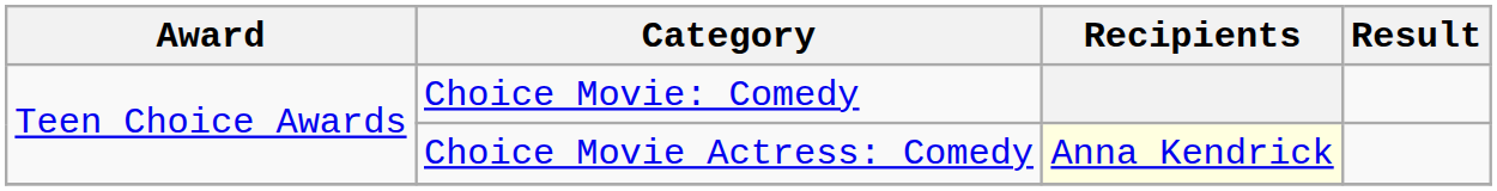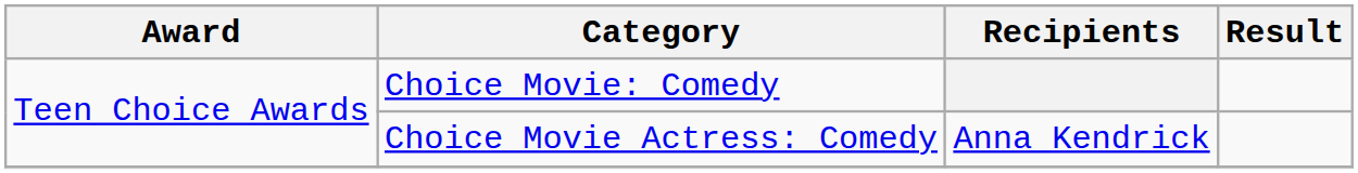 <table class="wikitable sortable">
 <tr>
 <th>Award</th>
 <th>Category</th>
 <th>Recipients</th>
 <th>Result</th>
 </tr>
 <tr>
 <td rowspan="2"><a href='#'>Teen Choice Awards</a></td>
 <td><a href='#'>Choice Movie: Comedy</a></td>
 <th></th>
 <td></td>
 </tr>
 <tr>
 <td><a href='#'>Choice Movie Actress: Comedy</a></td>
-<td style="background: lightyellow;"><a href='#'>Anna Kendrick</a></td>
+<td><a href='#'>Anna Kendrick</a></td>
 <td></td>
 </tr>
 <tr>
 </tr>
 </table>
